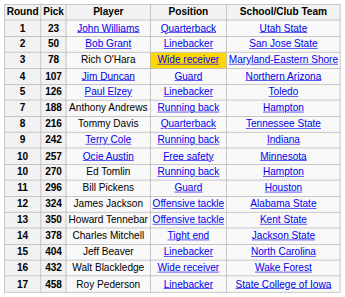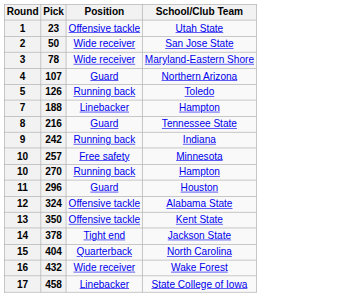 <table class="wikitable sortable sortable" style="text-align:center">
 <tr>
 <th>Round</th>
 <th>Pick</th>
-<th>Player</th>
 <th>Position</th>
 <th>School/Club Team</th>
 </tr>
 <tr>
 <th>1</th>
 <th>23</th>
-<td><a href='#'>John Williams</a></td>
-<td><a href='#'>Quarterback</a></td>
+<td><a href='#'>Offensive tackle</a></td>
 <td><a href='#'>Utah State</a></td>
 </tr>
 <tr>
 <th>2</th>
 <th>50</th>
-<td><a href='#'>Bob Grant</a></td>
-<td><a href='#'>Linebacker</a></td>
+<td><a href='#'>Wide receiver</a></td>
 <td><a href='#'>San Jose State</a></td>
 </tr>
 <tr>
 <th>3</th>
 <th>78</th>
-<td>Rich O'Hara</td>
-<td style="background: gold;"><a href='#'>Wide receiver</a></td>
+<td><a href='#'>Wide receiver</a></td>
 <td><a href='#'>Maryland-Eastern Shore</a></td>
 </tr>
 <tr>
 <th>4</th>
 <th>107</th>
-<td><a href='#'>Jim Duncan</a></td>
 <td><a href='#'>Guard</a></td>
 <td><a href='#'>Northern Arizona</a></td>
 </tr>
 <tr>
 <th>5</th>
 <th>126</th>
-<td><a href='#'>Paul Elzey</a></td>
-<td><a href='#'>Linebacker</a></td>
+<td><a href='#'>Running back</a></td>
 <td><a href='#'>Toledo</a></td>
 </tr>
 <tr>
 <th>7</th>
 <th>188</th>
-<td>Anthony Andrews</td>
-<td><a href='#'>Running back</a></td>
+<td><a href='#'>Linebacker</a></td>
 <td><a href='#'>Hampton</a></td>
 </tr>
 <tr>
 <th>8</th>
 <th>216</th>
-<td>Tommy Davis</td>
-<td><a href='#'>Quarterback</a></td>
+<td><a href='#'>Guard</a></td>
 <td><a href='#'>Tennessee State</a></td>
 </tr>
 <tr>
 <th>9</th>
 <th>242</th>
-<td><a href='#'>Terry Cole</a></td>
 <td><a href='#'>Running back</a></td>
 <td><a href='#'>Indiana</a></td>
 </tr>
 <tr>
 <th>10</th>
 <th>257</th>
-<td><a href='#'>Ocie Austin</a></td>
 <td><a href='#'>Free safety</a></td>
 <td><a href='#'>Minnesota</a></td>
 </tr>
 <tr>
 <th>10</th>
 <th>270</th>
-<td>Ed Tomlin</td>
 <td><a href='#'>Running back</a></td>
 <td><a href='#'>Hampton</a></td>
 </tr>
 <tr>
 <th>11</th>
 <th>296</th>
-<td>Bill Pickens</td>
 <td><a href='#'>Guard</a></td>
 <td><a href='#'>Houston</a></td>
 </tr>
 <tr>
 <th>12</th>
 <th>324</th>
-<td>James Jackson</td>
 <td><a href='#'>Offensive tackle</a></td>
 <td><a href='#'>Alabama State</a></td>
 </tr>
 <tr>
 <th>13</th>
 <th>350</th>
-<td>Howard Tennebar</td>
 <td><a href='#'>Offensive tackle</a></td>
 <td><a href='#'>Kent State</a></td>
 </tr>
 <tr>
 <th>14</th>
 <th>378</th>
-<td>Charles Mitchell</td>
 <td><a href='#'>Tight end</a></td>
 <td><a href='#'>Jackson State</a></td>
 </tr>
 <tr>
 <th>15</th>
 <th>404</th>
-<td>Jeff Beaver</td>
-<td><a href='#'>Linebacker</a></td>
+<td><a href='#'>Quarterback</a></td>
 <td><a href='#'>North Carolina</a></td>
 </tr>
 <tr>
 <th>16</th>
 <th>432</th>
-<td>Walt Blackledge</td>
 <td><a href='#'>Wide receiver</a></td>
 <td><a href='#'>Wake Forest</a></td>
 </tr>
 <tr>
 <th>17</th>
 <th>458</th>
-<td>Roy Pederson</td>
 <td><a href='#'>Linebacker</a></td>
 <td><a href='#'>State College of Iowa</a></td>
 </tr>
 </table>
